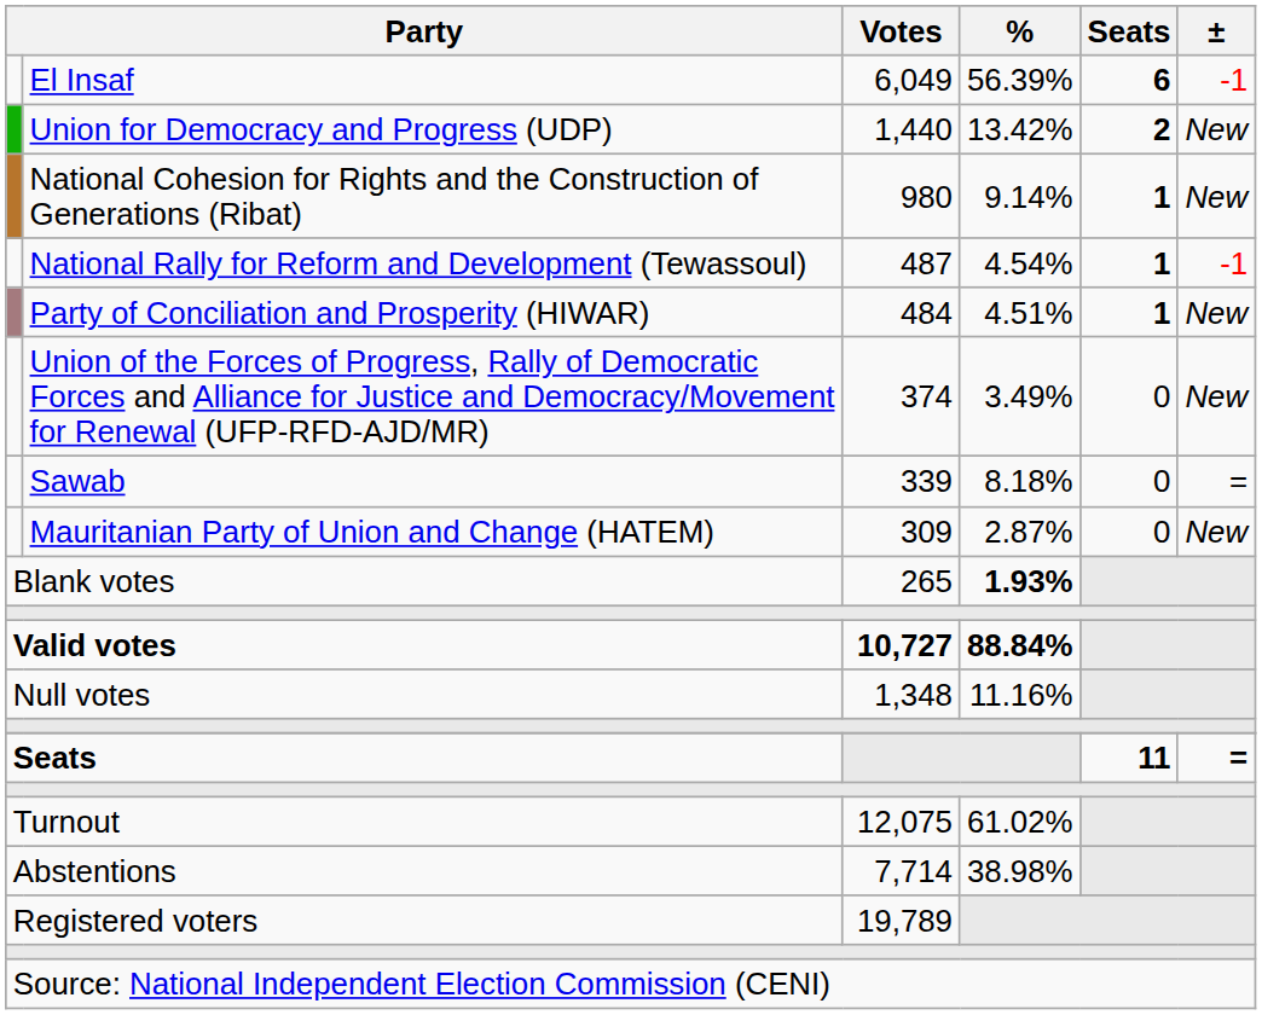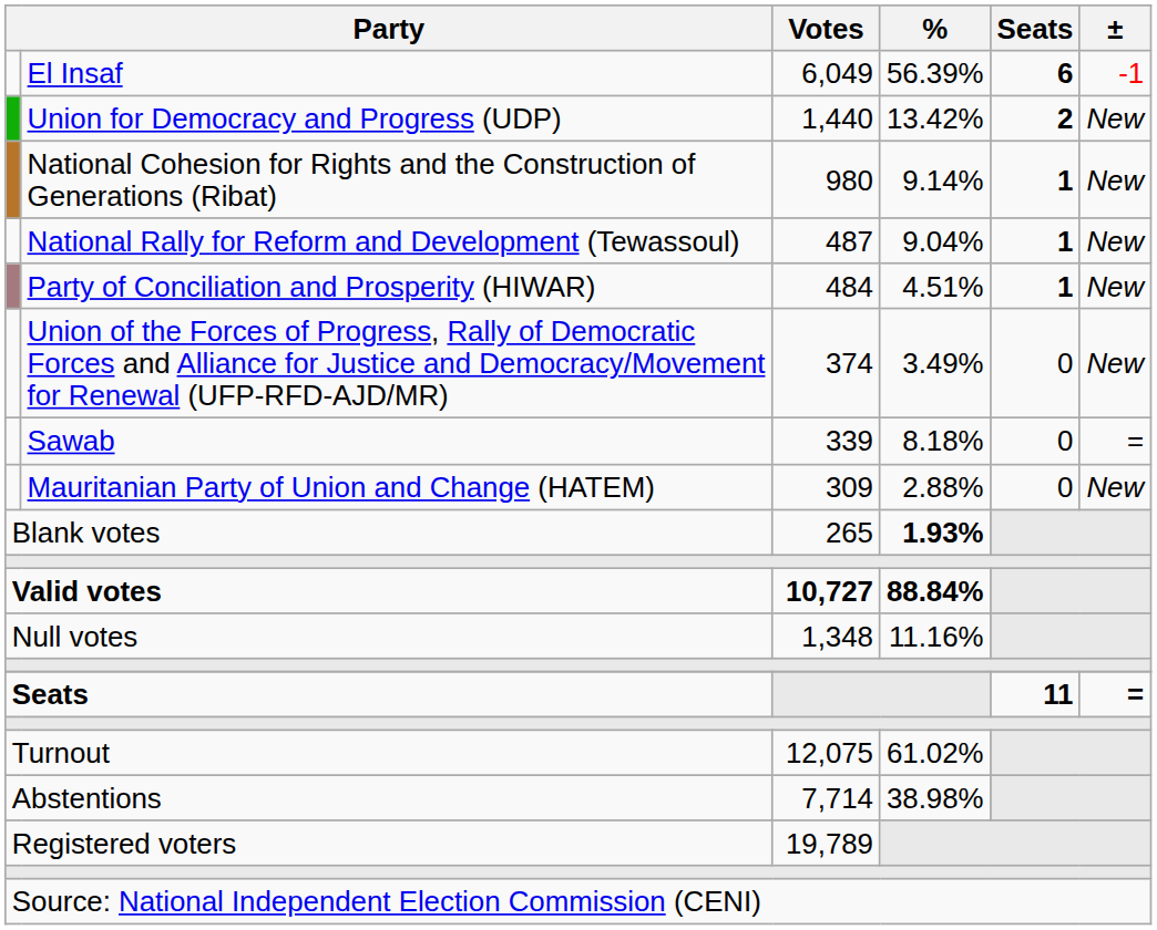 <table class="wikitable" style="text-align:right;font-size:95%;">
 <tr>
 <th width="700" colspan="2">Party</th>
 <th width="50">Votes</th>
 <th width="50">%</th>
 <th width="25">Seats</th>
 <th width="20">±</th>
 </tr>
 <tr>
 <td width="1" style="color:inherit;background:"></td>
 <td style="text-align:left;"><a href='#'>El Insaf</a></td>
 <td>6,049</td>
 <td>56.39%</td>
 <td><strong>6</strong></td>
 <td style="color:red;">-1</td>
 </tr>
 <tr>
 <td width="1" style="color:inherit;background:#0FAF05;"></td>
 <td style="text-align:left;"><a href='#'>Union for Democracy and Progress</a> (UDP)</td>
 <td>1,440</td>
 <td>13.42%</td>
 <td><strong>2</strong></td>
 <td><em>New</em></td>
 </tr>
 <tr>
 <td width="1" style="color:inherit;background:#B7752C;"></td>
 <td style="text-align:left;">National Cohesion for Rights and the Construction of Generations (Ribat)</td>
 <td>980</td>
 <td>9.14%</td>
 <td><strong>1</strong></td>
 <td><em>New</em></td>
 </tr>
 <tr>
 <td width="1" style="color:inherit;background:"></td>
 <td style="text-align:left;"><a href='#'>National Rally for Reform and Development</a> (Tewassoul)</td>
 <td>487</td>
-<td>4.54%</td>
+<td>9.04%</td>
 <td><strong>1</strong></td>
-<td style="color:red;">-1</td>
+<td><em>New</em></td>
 </tr>
 <tr>
 <td width="1" style="color:inherit;background:#A47A7E;"></td>
 <td style="text-align:left;"><a href='#'>Party of Conciliation and Prosperity</a> (HIWAR)</td>
 <td>484</td>
 <td>4.51%</td>
 <td><strong>1</strong></td>
 <td><em>New</em></td>
 </tr>
 <tr>
 <td width="1" style="color:inherit;background:"></td>
 <td style="text-align:left;"><a href='#'>Union of the Forces of Progress</a>, <a href='#'>Rally of Democratic Forces</a> and <a href='#'>Alliance for Justice and Democracy/Movement for Renewal</a> (UFP-RFD-AJD/MR)</td>
 <td>374</td>
 <td>3.49%</td>
 <td>0</td>
 <td><em>New</em></td>
 </tr>
 <tr>
 <td width="1" style="color:inherit;background:"></td>
 <td style="text-align:left;"><a href='#'>Sawab</a></td>
 <td>339</td>
 <td>8.18%</td>
 <td>0</td>
 <td>=</td>
 </tr>
 <tr>
 <td width="1" style="color:inherit;background:"></td>
 <td style="text-align:left;"><a href='#'>Mauritanian Party of Union and Change</a> (HATEM)</td>
 <td>309</td>
-<td>2.87%</td>
+<td>2.88%</td>
 <td>0</td>
 <td><em>New</em></td>
 </tr>
 <tr>
 <td colspan="2" style="text-align:left;">Blank votes</td>
 <td>265</td>
 <td><strong>1.93%</strong></td>
 <td colspan="2" style="background:#E9E9E9;"></td>
 </tr>
 <tr>
 <td colspan="6" style="background:#E9E9E9;"></td>
 </tr>
 <tr style="font-weight:bold;">
 <td colspan="2" style="text-align:left;">Valid votes</td>
 <td>10,727</td>
 <td>88.84%</td>
 <td colspan="2" style="background:#E9E9E9;"></td>
 </tr>
 <tr>
 <td colspan="2" style="text-align:left;">Null votes</td>
 <td>1,348</td>
 <td>11.16%</td>
 <td colspan="2" style="background:#E9E9E9;"></td>
 </tr>
 <tr>
 <td colspan="6" style="background:#E9E9E9;"></td>
 </tr>
 <tr>
 </tr>
 <tr style="font-weight:bold;">
 <td colspan="2" style="text-align:left;">Seats</td>
 <td colspan="2" style="background:#E9E9E9;"></td>
 <td>11</td>
 <td>=</td>
 </tr>
 <tr>
 <td colspan="6" style="background:#E9E9E9;"></td>
 </tr>
 <tr>
 <td colspan="2" style="text-align:left;">Turnout</td>
 <td>12,075</td>
 <td>61.02%</td>
 <td colspan="2" style="background:#E9E9E9;"></td>
 </tr>
 <tr>
 <td colspan="2" style="text-align:left;">Abstentions</td>
 <td>7,714</td>
 <td>38.98%</td>
 <td colspan="2" style="background:#E9E9E9;"></td>
 </tr>
 <tr>
 <td colspan="2" style="text-align:left;">Registered voters</td>
 <td>19,789</td>
 <td colspan="3" style="background:#E9E9E9;"></td>
 </tr>
 <tr>
 <td colspan="6" style="background:#E9E9E9;"></td>
 </tr>
 <tr>
 <td colspan="6" style="text-align:left;">Source: <a href='#'>National Independent Election Commission</a> (CENI)</td>
 </tr>
 </table>
